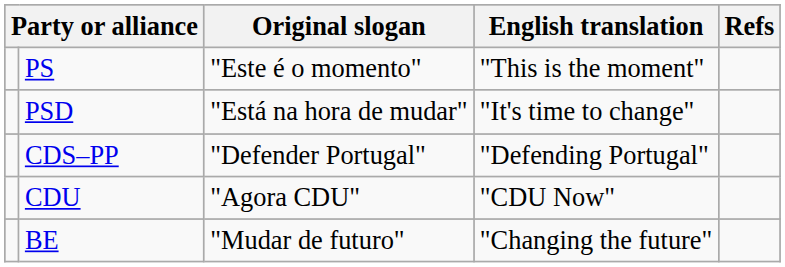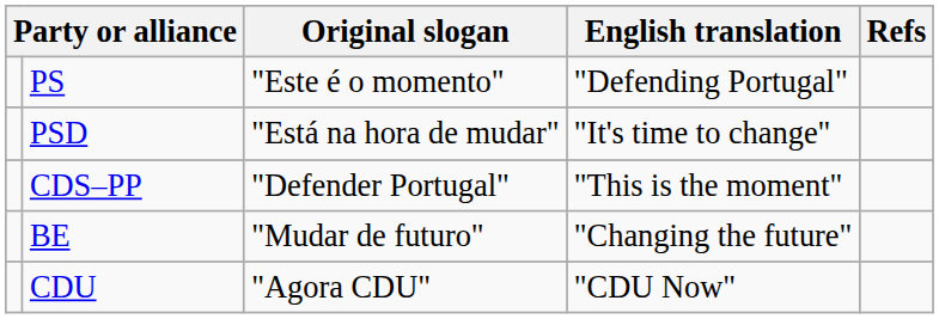 <table class="wikitable" style="font-size:97%; text-align:left;">
 <tr>
 <th style="text-align:left;" colspan="2">Party or alliance</th>
 <th>Original slogan</th>
 <th>English translation</th>
 <th>Refs</th>
 </tr>
 <tr>
 <td width="1"></td>
 <td><a href='#'>PS</a></td>
 <td>"Este é o momento"</td>
-<td>"This is the moment"</td>
+<td>"Defending Portugal"</td>
 <td></td>
 </tr>
 <tr>
 <td></td>
 <td><a href='#'>PSD</a></td>
 <td>"Está na hora de mudar"</td>
 <td>"It's time to change"</td>
 <td></td>
 </tr>
 <tr>
 <td></td>
 <td><a href='#'>CDS–PP</a></td>
 <td>"Defender Portugal"</td>
-<td>"Defending Portugal"</td>
+<td>"This is the moment"</td>
+<td></td>
+</tr>
+<tr>
+<td></td>
+<td><a href='#'>BE</a></td>
+<td>"Mudar de futuro"</td>
+<td>"Changing the future"</td>
 <td></td>
 </tr>
 <tr>
 <td></td>
 <td><a href='#'>CDU</a></td>
 <td>"Agora CDU"</td>
 <td>"CDU Now"</td>
 <td></td>
 </tr>
-<tr>
-<td></td>
-<td><a href='#'>BE</a></td>
-<td>"Mudar de futuro"</td>
-<td>"Changing the future"</td>
-<td></td>
-</tr>
 </table>
